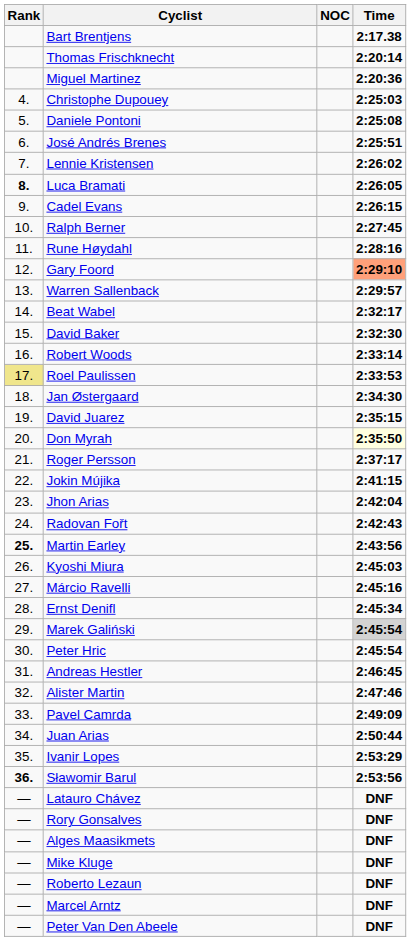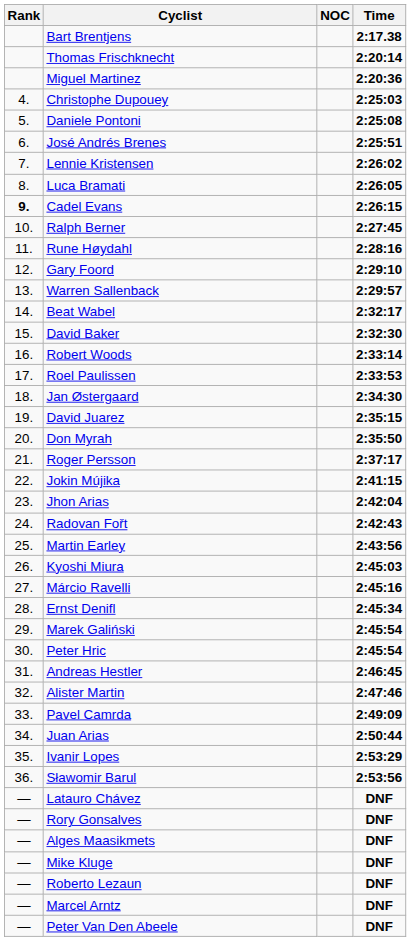 <table class="wikitable" style="font-size:95%;">
 <tr>
 <th>Rank</th>
 <th align="left" style="width: 20em">Cyclist</th>
 <th>NOC</th>
 <th>Time</th>
 </tr>
 <tr>
 <td align="center"></td>
 <td><a href='#'>Bart Brentjens</a></td>
 <td></td>
 <td align="center"><strong>2:17.38</strong></td>
 </tr>
 <tr>
 <td align="center"></td>
 <td><a href='#'>Thomas Frischknecht</a></td>
 <td></td>
 <td align="center"><strong>2:20:14</strong></td>
 </tr>
 <tr>
 <td align="center"></td>
 <td><a href='#'>Miguel Martinez</a></td>
 <td></td>
 <td align="center"><strong>2:20:36</strong></td>
 </tr>
 <tr>
 <td align="center">4.</td>
 <td><a href='#'>Christophe Dupouey</a></td>
 <td></td>
 <td align="center"><strong>2:25:03</strong></td>
 </tr>
 <tr>
 <td align="center">5.</td>
 <td><a href='#'>Daniele Pontoni</a></td>
 <td></td>
 <td align="center"><strong>2:25:08</strong></td>
 </tr>
 <tr>
 <td align="center">6.</td>
 <td><a href='#'>José Andrés Brenes</a></td>
 <td></td>
 <td align="center"><strong>2:25:51</strong></td>
 </tr>
 <tr>
 <td align="center">7.</td>
 <td><a href='#'>Lennie Kristensen</a></td>
 <td></td>
 <td align="center"><strong>2:26:02</strong></td>
 </tr>
 <tr>
-<td align="center"><strong>8.</strong></td>
+<td align="center">8.</td>
 <td><a href='#'>Luca Bramati</a></td>
 <td></td>
 <td align="center"><strong>2:26:05</strong></td>
 </tr>
 <tr>
-<td align="center">9.</td>
+<td align="center"><strong>9.</strong></td>
 <td><a href='#'>Cadel Evans</a></td>
 <td></td>
 <td align="center"><strong>2:26:15</strong></td>
 </tr>
 <tr>
 <td align="center">10.</td>
 <td><a href='#'>Ralph Berner</a></td>
 <td></td>
 <td align="center"><strong>2:27:45</strong></td>
 </tr>
 <tr>
 <td align="center">11.</td>
 <td><a href='#'>Rune Høydahl</a></td>
 <td></td>
 <td align="center"><strong>2:28:16</strong></td>
 </tr>
 <tr>
 <td align="center">12.</td>
 <td><a href='#'>Gary Foord</a></td>
 <td></td>
-<td align="center" style="background: lightsalmon;"><strong>2:29:10</strong></td>
+<td align="center"><strong>2:29:10</strong></td>
 </tr>
 <tr>
 <td align="center">13.</td>
 <td><a href='#'>Warren Sallenback</a></td>
 <td></td>
 <td align="center"><strong>2:29:57</strong></td>
 </tr>
 <tr>
 <td align="center">14.</td>
 <td><a href='#'>Beat Wabel</a></td>
 <td></td>
 <td align="center"><strong>2:32:17</strong></td>
 </tr>
 <tr>
 <td align="center">15.</td>
 <td><a href='#'>David Baker</a></td>
 <td></td>
 <td align="center"><strong>2:32:30</strong></td>
 </tr>
 <tr>
 <td align="center">16.</td>
 <td><a href='#'>Robert Woods</a></td>
 <td></td>
 <td align="center"><strong>2:33:14</strong></td>
 </tr>
 <tr>
-<td align="center" style="background: khaki;">17.</td>
+<td align="center">17.</td>
 <td><a href='#'>Roel Paulissen</a></td>
 <td></td>
 <td align="center"><strong>2:33:53</strong></td>
 </tr>
 <tr>
 <td align="center">18.</td>
 <td><a href='#'>Jan Østergaard</a></td>
 <td></td>
 <td align="center"><strong>2:34:30</strong></td>
 </tr>
 <tr>
 <td align="center">19.</td>
 <td><a href='#'>David Juarez</a></td>
 <td></td>
 <td align="center"><strong>2:35:15</strong></td>
 </tr>
 <tr>
 <td align="center">20.</td>
 <td><a href='#'>Don Myrah</a></td>
 <td></td>
-<td align="center" style="background: lightyellow;"><strong>2:35:50</strong></td>
+<td align="center"><strong>2:35:50</strong></td>
 </tr>
 <tr>
 <td align="center">21.</td>
 <td><a href='#'>Roger Persson</a></td>
 <td></td>
 <td align="center"><strong>2:37:17</strong></td>
 </tr>
 <tr>
 <td align="center">22.</td>
 <td><a href='#'>Jokin Mújika</a></td>
 <td></td>
 <td align="center"><strong>2:41:15</strong></td>
 </tr>
 <tr>
 <td align="center">23.</td>
 <td><a href='#'>Jhon Arias</a></td>
 <td></td>
 <td align="center"><strong>2:42:04</strong></td>
 </tr>
 <tr>
 <td align="center">24.</td>
 <td><a href='#'>Radovan Fořt</a></td>
 <td></td>
 <td align="center"><strong>2:42:43</strong></td>
 </tr>
 <tr>
-<td align="center"><strong>25.</strong></td>
+<td align="center">25.</td>
 <td><a href='#'>Martin Earley</a></td>
 <td></td>
 <td align="center"><strong>2:43:56</strong></td>
 </tr>
 <tr>
 <td align="center">26.</td>
 <td><a href='#'>Kyoshi Miura</a></td>
 <td></td>
 <td align="center"><strong>2:45:03</strong></td>
 </tr>
 <tr>
 <td align="center">27.</td>
 <td><a href='#'>Márcio Ravelli</a></td>
 <td></td>
 <td align="center"><strong>2:45:16</strong></td>
 </tr>
 <tr>
 <td align="center">28.</td>
 <td><a href='#'>Ernst Denifl</a></td>
 <td></td>
 <td align="center"><strong>2:45:34</strong></td>
 </tr>
 <tr>
 <td align="center">29.</td>
 <td><a href='#'>Marek Galiński</a></td>
 <td></td>
-<td align="center" style="background: lightgrey;"><strong>2:45:54</strong></td>
+<td align="center"><strong>2:45:54</strong></td>
 </tr>
 <tr>
 <td align="center">30.</td>
 <td><a href='#'>Peter Hric</a></td>
 <td></td>
 <td align="center"><strong>2:45:54</strong></td>
 </tr>
 <tr>
 <td align="center">31.</td>
 <td><a href='#'>Andreas Hestler</a></td>
 <td></td>
 <td align="center"><strong>2:46:45</strong></td>
 </tr>
 <tr>
 <td align="center">32.</td>
 <td><a href='#'>Alister Martin</a></td>
 <td></td>
 <td align="center"><strong>2:47:46</strong></td>
 </tr>
 <tr>
 <td align="center">33.</td>
 <td><a href='#'>Pavel Camrda</a></td>
 <td></td>
 <td align="center"><strong>2:49:09</strong></td>
 </tr>
 <tr>
 <td align="center">34.</td>
 <td><a href='#'>Juan Arias</a></td>
 <td></td>
 <td align="center"><strong>2:50:44</strong></td>
 </tr>
 <tr>
 <td align="center">35.</td>
 <td><a href='#'>Ivanir Lopes</a></td>
 <td></td>
 <td align="center"><strong>2:53:29</strong></td>
 </tr>
 <tr>
-<td align="center"><strong>36.</strong></td>
+<td align="center">36.</td>
 <td><a href='#'>Sławomir Barul</a></td>
 <td></td>
 <td align="center"><strong>2:53:56</strong></td>
 </tr>
 <tr>
 <td align="center">—</td>
 <td><a href='#'>Latauro Chávez</a></td>
 <td></td>
 <td align="center"><strong>DNF</strong></td>
 </tr>
 <tr>
 <td align="center">—</td>
 <td><a href='#'>Rory Gonsalves</a></td>
 <td></td>
 <td align="center"><strong>DNF</strong></td>
 </tr>
 <tr>
 <td align="center">—</td>
 <td><a href='#'>Alges Maasikmets</a></td>
 <td></td>
 <td align="center"><strong>DNF</strong></td>
 </tr>
 <tr>
 <td align="center">—</td>
 <td><a href='#'>Mike Kluge</a></td>
 <td></td>
 <td align="center"><strong>DNF</strong></td>
 </tr>
 <tr>
 <td align="center">—</td>
 <td><a href='#'>Roberto Lezaun</a></td>
 <td></td>
 <td align="center"><strong>DNF</strong></td>
 </tr>
 <tr>
 <td align="center">—</td>
 <td><a href='#'>Marcel Arntz</a></td>
 <td></td>
 <td align="center"><strong>DNF</strong></td>
 </tr>
 <tr>
 <td align="center">—</td>
 <td><a href='#'>Peter Van Den Abeele</a></td>
 <td></td>
 <td align="center"><strong>DNF</strong></td>
 </tr>
 </table>
